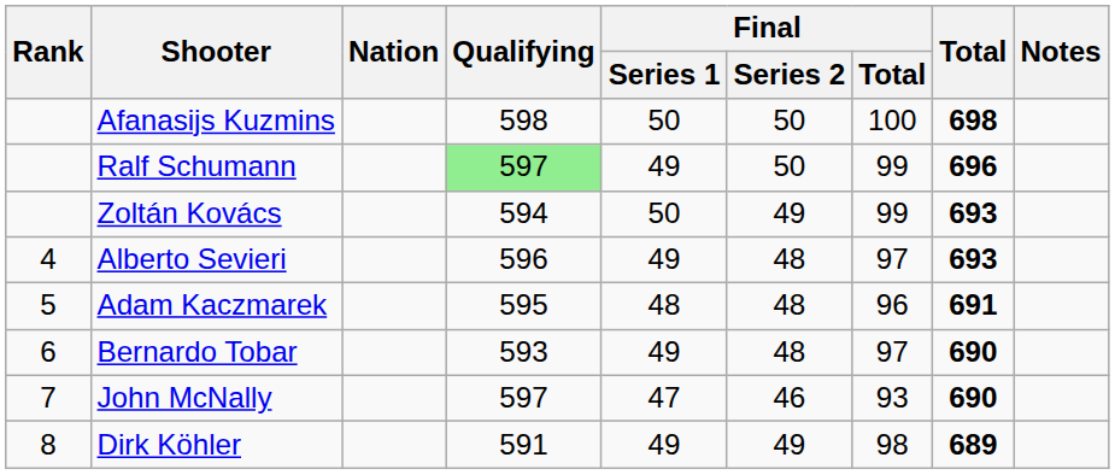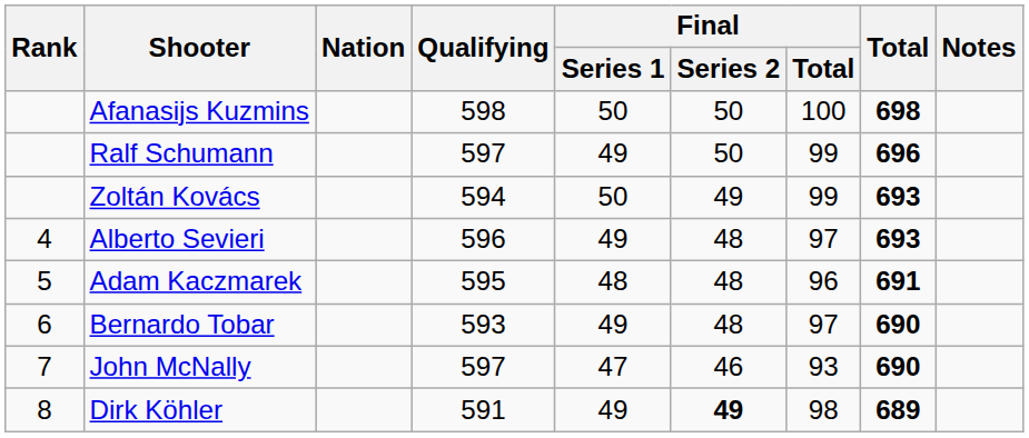 <table class="wikitable sortable" style="text-align: center">
 <tr>
 <th rowspan=2>Rank</th>
 <th rowspan=2>Shooter</th>
 <th rowspan=2>Nation</th>
 <th rowspan=2>Qualifying</th>
 <th colspan=3>Final</th>
 <th rowspan=2>Total</th>
 <th rowspan=2>Notes</th>
 </tr>
 <tr>
 <th>Series 1</th>
 <th>Series 2</th>
 <th>Total</th>
 </tr>
 <tr>
 <td></td>
 <td align=left><a href='#'>Afanasijs Kuzmins</a></td>
 <td align=left></td>
 <td>598</td>
 <td>50</td>
 <td>50</td>
 <td>100</td>
 <td><strong>698</strong></td>
 <td></td>
 </tr>
 <tr>
 <td></td>
 <td align=left><a href='#'>Ralf Schumann</a></td>
 <td align=left></td>
-<td style="background: lightgreen;">597</td>
+<td>597</td>
 <td>49</td>
 <td>50</td>
 <td>99</td>
 <td><strong>696</strong></td>
 <td></td>
 </tr>
 <tr>
 <td></td>
 <td align=left><a href='#'>Zoltán Kovács</a></td>
 <td align=left></td>
 <td>594</td>
 <td>50</td>
 <td>49</td>
 <td>99</td>
 <td><strong>693</strong></td>
 <td></td>
 </tr>
 <tr>
 <td>4</td>
 <td align=left><a href='#'>Alberto Sevieri</a></td>
 <td align=left></td>
 <td>596</td>
 <td>49</td>
 <td>48</td>
 <td>97</td>
 <td><strong>693</strong></td>
 <td></td>
 </tr>
 <tr>
 <td>5</td>
 <td align=left><a href='#'>Adam Kaczmarek</a></td>
 <td align=left></td>
 <td>595</td>
 <td>48</td>
 <td>48</td>
 <td>96</td>
 <td><strong>691</strong></td>
 <td></td>
 </tr>
 <tr>
 <td>6</td>
 <td align=left><a href='#'>Bernardo Tobar</a></td>
 <td align=left></td>
 <td>593</td>
 <td>49</td>
 <td>48</td>
 <td>97</td>
 <td><strong>690</strong></td>
 <td></td>
 </tr>
 <tr>
 <td>7</td>
 <td align=left><a href='#'>John McNally</a></td>
 <td align=left></td>
 <td>597</td>
 <td>47</td>
 <td>46</td>
 <td>93</td>
 <td><strong>690</strong></td>
 <td></td>
 </tr>
 <tr>
 <td>8</td>
 <td align=left><a href='#'>Dirk Köhler</a></td>
 <td align=left></td>
 <td>591</td>
 <td>49</td>
-<td>49</td>
+<td><strong>49</strong></td>
 <td>98</td>
 <td><strong>689</strong></td>
 <td></td>
 </tr>
 </table>
